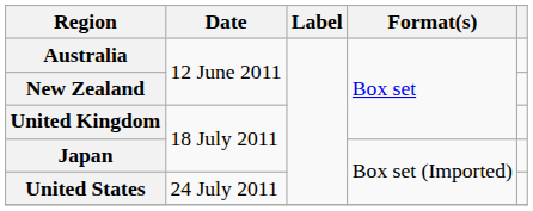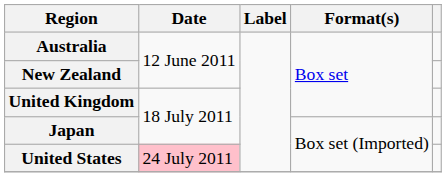 <table class="wikitable plainrowheaders">
 <tr>
 <th scope="col">Region</th>
 <th scope="col">Date</th>
 <th scope="col">Label</th>
 <th scope="col">Format(s)</th>
 <th scope="col"></th>
 </tr>
 <tr>
 <th scope="row">Australia</th>
 <td rowspan="2">12 June 2011</td>
 <td rowspan="5"></td>
 <td rowspan="3"><a href='#'>Box set</a></td>
 <td></td>
 </tr>
 <tr>
 <th scope="row">New Zealand</th>
 <td></td>
 </tr>
 <tr>
 <th scope="row">United Kingdom</th>
 <td rowspan="2">18 July 2011</td>
 <td></td>
 </tr>
 <tr>
 <th scope="row">Japan</th>
 <td rowspan="2">Box set (Imported)</td>
 <td></td>
 </tr>
 <tr>
 <th scope="row">United States</th>
-<td>24 July 2011</td>
+<td style="background: pink;">24 July 2011</td>
 <td></td>
 </tr>
 <tr>
 </tr>
 </table>
